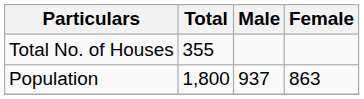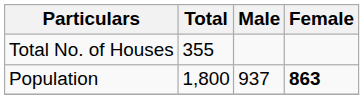 <table class="wikitable sortable">
 <tr>
 <th>Particulars</th>
 <th>Total</th>
 <th>Male</th>
 <th>Female</th>
 </tr>
 <tr>
 <td>Total No. of Houses</td>
 <td>355</td>
 <td></td>
 <td></td>
 </tr>
 <tr>
 <td>Population</td>
 <td>1,800</td>
 <td>937</td>
-<td>863</td>
+<td><strong>863</strong></td>
 </tr>
 <tr>
 </tr>
 </table>
